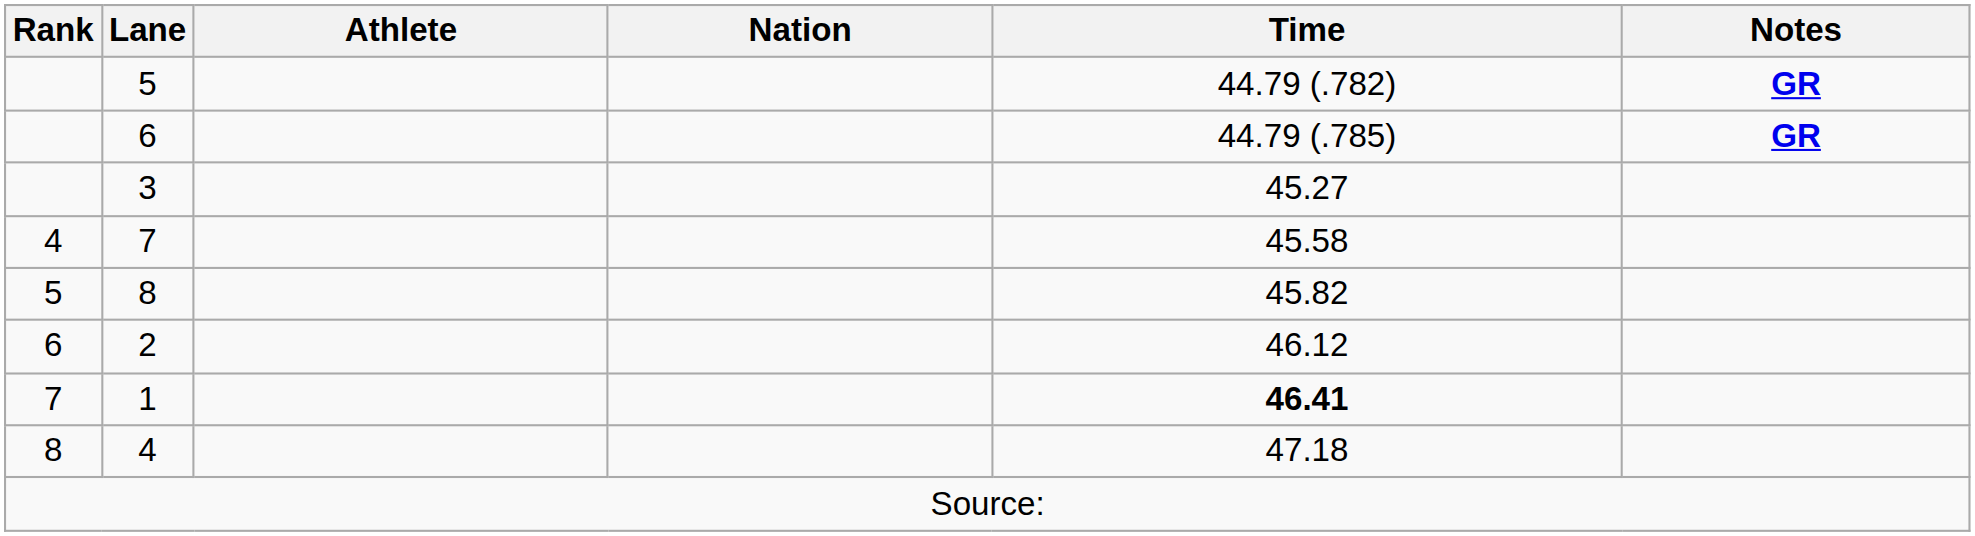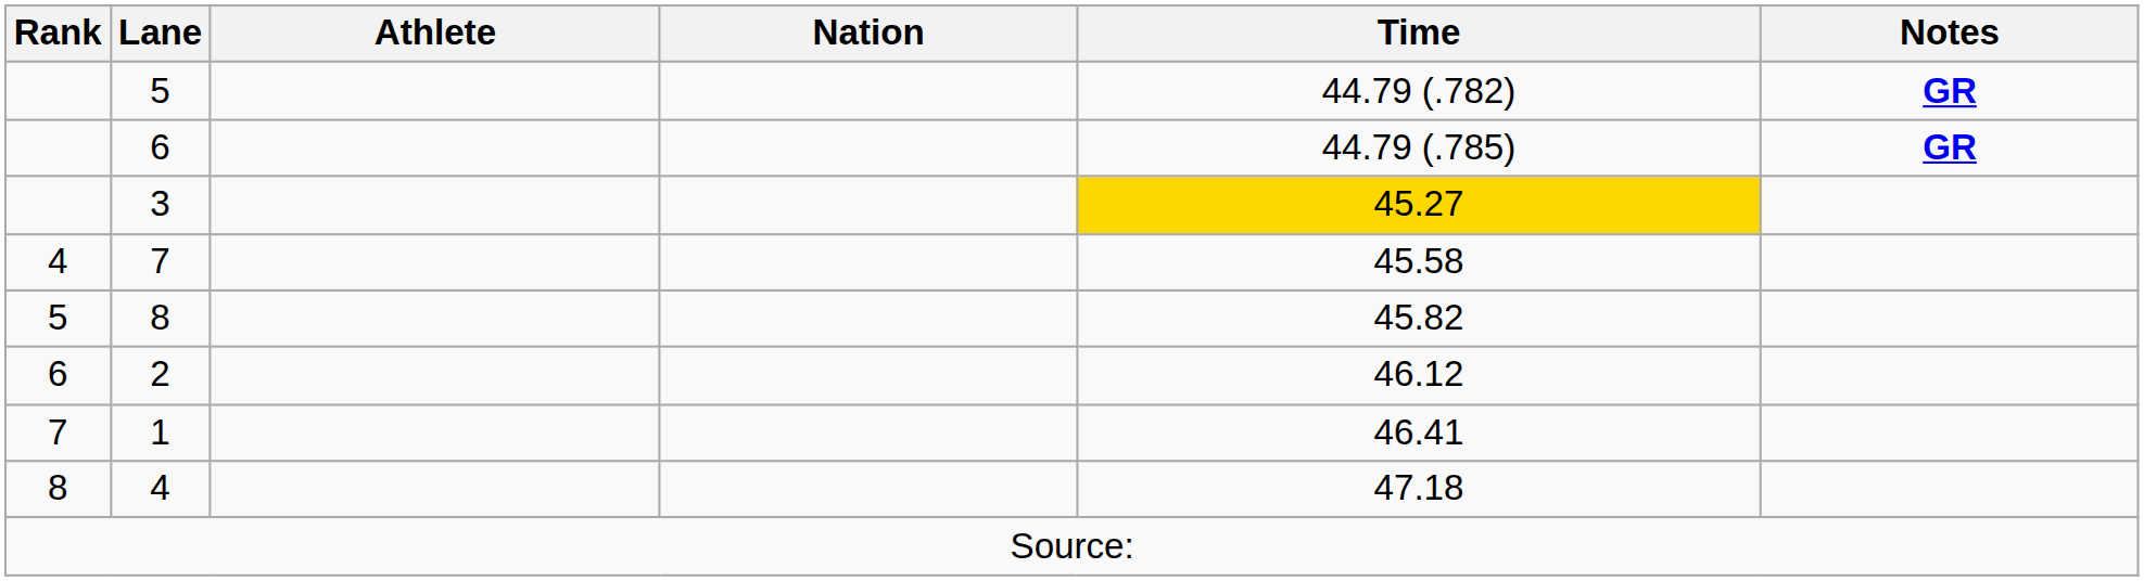 <table class="wikitable sortable" style="text-align:center;width: 60%;">
 <tr>
 <th scope="col" style="width: 10px;">Rank</th>
 <th scope="col" style="width: 10px;">Lane</th>
 <th scope="col">Athlete</th>
 <th scope="col">Nation</th>
 <th scope="col">Time</th>
 <th scope="col">Notes</th>
 </tr>
 <tr>
 <td></td>
 <td>5</td>
 <td align=left></td>
 <td align=left></td>
 <td>44.79 (.782)</td>
 <td><strong><a href='#'>GR</a></strong></td>
 </tr>
 <tr>
 <td></td>
 <td>6</td>
 <td align=left></td>
 <td align=left></td>
 <td>44.79 (.785)</td>
 <td><strong><a href='#'>GR</a></strong></td>
 </tr>
 <tr>
 <td></td>
 <td>3</td>
 <td align=left></td>
 <td align=left></td>
-<td>45.27</td>
+<td style="background: gold;">45.27</td>
 <td></td>
 </tr>
 <tr>
 <td>4</td>
 <td>7</td>
 <td align=left></td>
 <td align=left></td>
 <td>45.58</td>
 <td></td>
 </tr>
 <tr>
 <td>5</td>
 <td>8</td>
 <td align=left></td>
 <td align=left></td>
 <td>45.82</td>
 <td></td>
 </tr>
 <tr>
 <td>6</td>
 <td>2</td>
 <td align=left></td>
 <td align=left></td>
 <td>46.12</td>
 <td></td>
 </tr>
 <tr>
 <td>7</td>
 <td>1</td>
 <td align=left></td>
 <td align=left></td>
-<td><strong>46.41</strong></td>
+<td>46.41</td>
 <td></td>
 </tr>
 <tr>
 <td>8</td>
 <td>4</td>
 <td align=left></td>
 <td align=left></td>
 <td>47.18</td>
 <td></td>
 </tr>
 <tr class="sortbottom">
 <td colspan="6">Source:</td>
 </tr>
 </table>
